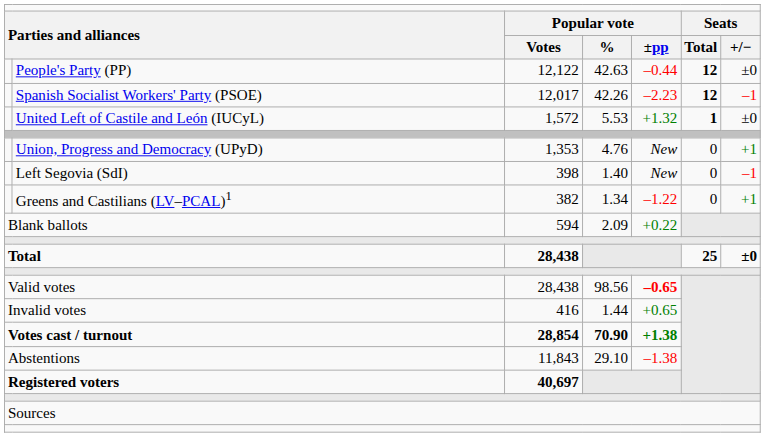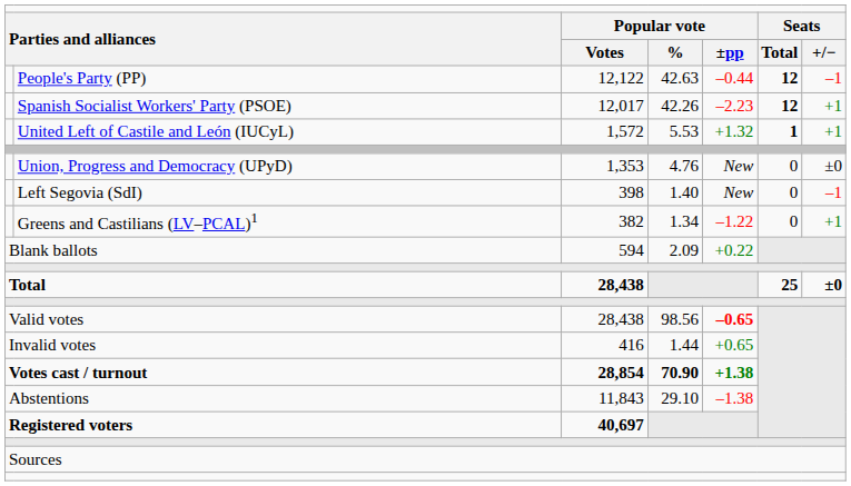 <table class="wikitable" style="text-align:right;">
 <tr>
 <td colspan="7"></td>
 </tr>
 <tr>
 <th style="text-align:left;" rowspan="2" colspan="2" width="525">Parties and alliances</th>
 <th colspan="3">Popular vote</th>
 <th colspan="2">Seats</th>
 </tr>
 <tr>
 <th width="75">Votes</th>
 <th width="45">%</th>
 <th width="45">±<a href='#'>pp</a></th>
 <th width="35">Total</th>
 <th width="35">+/−</th>
 </tr>
 <tr>
 <td width="1" style="color:inherit;background:"></td>
 <td align="left"><a href='#'>People's Party</a> (PP)</td>
 <td>12,122</td>
 <td>42.63</td>
 <td style="color:red;">–0.44</td>
 <td><strong>12</strong></td>
-<td>±0</td>
+<td style="color:red;">–1</td>
 </tr>
 <tr>
 <td style="color:inherit;background:"></td>
 <td align="left"><a href='#'>Spanish Socialist Workers' Party</a> (PSOE)</td>
 <td>12,017</td>
 <td>42.26</td>
 <td style="color:red;">–2.23</td>
 <td><strong>12</strong></td>
-<td style="color:red;">–1</td>
+<td style="color:green;">+1</td>
 </tr>
 <tr>
 <td style="color:inherit;background:"></td>
 <td align="left"><a href='#'>United Left of Castile and León</a> (IUCyL)</td>
 <td>1,572</td>
 <td>5.53</td>
 <td style="color:green;">+1.32</td>
 <td><strong>1</strong></td>
-<td>±0</td>
+<td style="color:green;">+1</td>
 </tr>
 <tr>
 <td colspan="7" bgcolor="#C0C0C0"></td>
 </tr>
 <tr>
 <td style="color:inherit;background:"></td>
 <td align="left"><a href='#'>Union, Progress and Democracy</a> (UPyD)</td>
 <td>1,353</td>
 <td>4.76</td>
 <td><em>New</em></td>
 <td>0</td>
-<td style="color:green;">+1</td>
+<td>±0</td>
 </tr>
 <tr>
 <td style="color:inherit;background:"></td>
 <td align="left">Left Segovia (SdI)</td>
 <td>398</td>
 <td>1.40</td>
 <td><em>New</em></td>
 <td>0</td>
 <td style="color:red;">–1</td>
 </tr>
 <tr>
 <td style="color:inherit;background:"></td>
 <td align="left">Greens and Castilians (<a href='#'>LV</a>–<a href='#'>PCAL</a>)<sup>1</sup></td>
 <td>382</td>
 <td>1.34</td>
 <td style="color:red;">–1.22</td>
 <td>0</td>
 <td style="color:green;">+1</td>
 </tr>
 <tr>
 <td align="left" colspan="2">Blank ballots</td>
 <td>594</td>
 <td>2.09</td>
 <td style="color:green;">+0.22</td>
 <td bgcolor="#E9E9E9" colspan="2"></td>
 </tr>
 <tr>
 <td colspan="7" bgcolor="#E9E9E9"></td>
 </tr>
 <tr style="font-weight:bold;">
 <td align="left" colspan="2">Total</td>
 <td>28,438</td>
 <td bgcolor="#E9E9E9" colspan="2"></td>
 <td>25</td>
 <td>±0</td>
 </tr>
 <tr>
 <td colspan="7" bgcolor="#E9E9E9"></td>
 </tr>
 <tr>
 <td align="left" colspan="2">Valid votes</td>
 <td>28,438</td>
 <td>98.56</td>
 <td style="color:red;"><strong>–0.65</strong></td>
 <td bgcolor="#E9E9E9" colspan="2" rowspan="5"></td>
 </tr>
 <tr>
 <td align="left" colspan="2">Invalid votes</td>
 <td>416</td>
 <td>1.44</td>
 <td style="color:green;">+0.65</td>
 </tr>
 <tr style="font-weight:bold;">
 <td align="left" colspan="2">Votes cast / turnout</td>
 <td>28,854</td>
 <td>70.90</td>
 <td style="color:green;">+1.38</td>
 </tr>
 <tr>
 <td align="left" colspan="2">Abstentions</td>
 <td>11,843</td>
 <td>29.10</td>
 <td style="color:red;">–1.38</td>
 </tr>
 <tr style="font-weight:bold;">
 <td align="left" colspan="2">Registered voters</td>
 <td>40,697</td>
 <td bgcolor="#E9E9E9" colspan="2"></td>
 </tr>
 <tr>
 <td colspan="7" bgcolor="#E9E9E9"></td>
 </tr>
 <tr>
 <td align="left" colspan="7">Sources</td>
 </tr>
 <tr>
 <td colspan="7" style="text-align:left; max-width:790px;"></td>
 </tr>
 </table>
